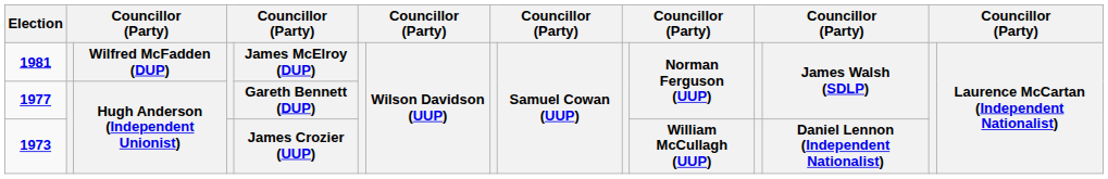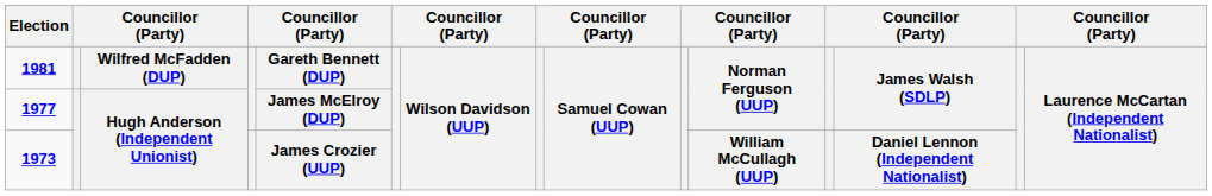 <table class="wikitable" style="text-align:center">
 <tr>
 <th scope="col" width="50">Election</th>
 <th scope="col" width="150" colspan = "2">Councillor<br> (Party)</th>
 <th scope="col" width="150" colspan = "2">Councillor<br> (Party)</th>
 <th scope="col" width="150" colspan = "2">Councillor<br> (Party)</th>
 <th scope="col" width="150" colspan = "2">Councillor<br> (Party)</th>
 <th scope="col" width="150" colspan = "2">Councillor<br> (Party)</th>
 <th scope="col" width="150" colspan = "2">Councillor<br> (Party)</th>
 <th scope="col" width="150" colspan = "2">Councillor<br> (Party)</th>
 </tr>
 <tr>
 <td><strong><a href='#'>1981</a></strong></td>
 <th rowspan="1" width="1" style="background-color: "></th>
 <th rowspan = "1">Wilfred McFadden <br> (<a href='#'>DUP</a>)</th>
 <th rowspan="2" width="1" style="background-color: "></th>
-<th rowspan = "1">James McElroy <br> (<a href='#'>DUP</a>)</th>
+<th rowspan = "1">Gareth Bennett <br> (<a href='#'>DUP</a>)</th>
 <th rowspan="3" width="1" style="background-color: "></th>
 <th rowspan = "3">Wilson Davidson <br> (<a href='#'>UUP</a>)</th>
 <th rowspan="3" width="1" style="background-color: "></th>
 <th rowspan = "3">Samuel Cowan <br> (<a href='#'>UUP</a>)</th>
 <th rowspan="3" width="1" style="background-color: "></th>
 <th rowspan = "2">Norman Ferguson <br> (<a href='#'>UUP</a>)</th>
 <th rowspan="2" width="1" style="background-color: "></th>
 <th rowspan = "2">James Walsh <br> (<a href='#'>SDLP</a>)</th>
 <th rowspan="3" width="1" style="background-color: "></th>
 <th rowspan = "3">Laurence McCartan <br> (<a href='#'>Independent Nationalist</a>)</th>
 </tr>
 <tr>
 <td><strong><a href='#'>1977</a></strong></td>
 <th rowspan="2" width="1" style="background-color: "></th>
 <th rowspan = "2">Hugh Anderson <br> (<a href='#'>Independent Unionist</a>)</th>
-<th rowspan = "1">Gareth Bennett <br> (<a href='#'>DUP</a>)</th>
+<th rowspan = "1">James McElroy <br> (<a href='#'>DUP</a>)</th>
 </tr>
 <tr>
 <td><strong><a href='#'>1973</a></strong></td>
 <th rowspan="1" width="1" style="background-color: "></th>
 <th rowspan = "1">James Crozier <br> (<a href='#'>UUP</a>)</th>
 <th rowspan = "1">William McCullagh <br> (<a href='#'>UUP</a>)</th>
 <th rowspan="1" width="1" style="background-color: "></th>
 <th rowspan = "1">Daniel Lennon <br> (<a href='#'>Independent Nationalist</a>)</th>
 </tr>
 </table>
